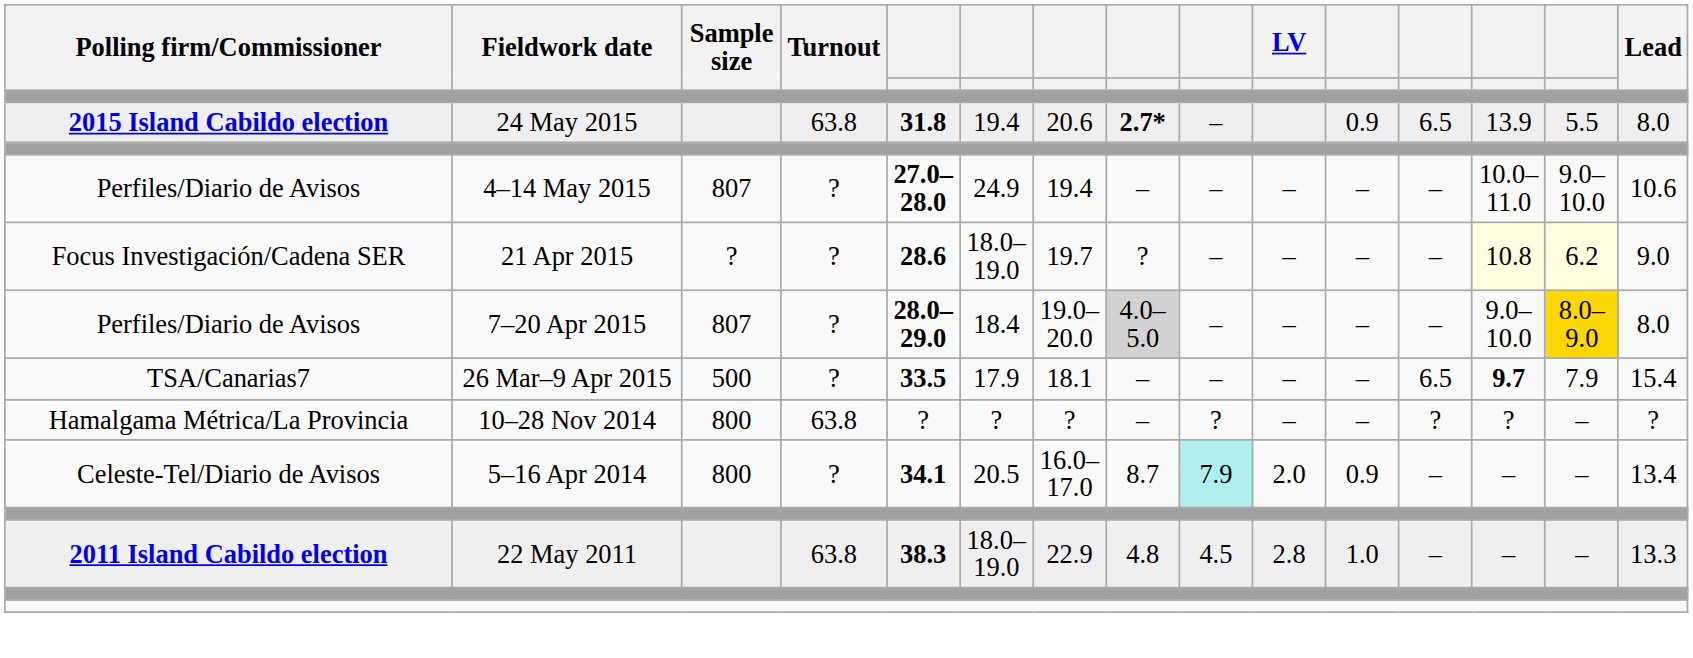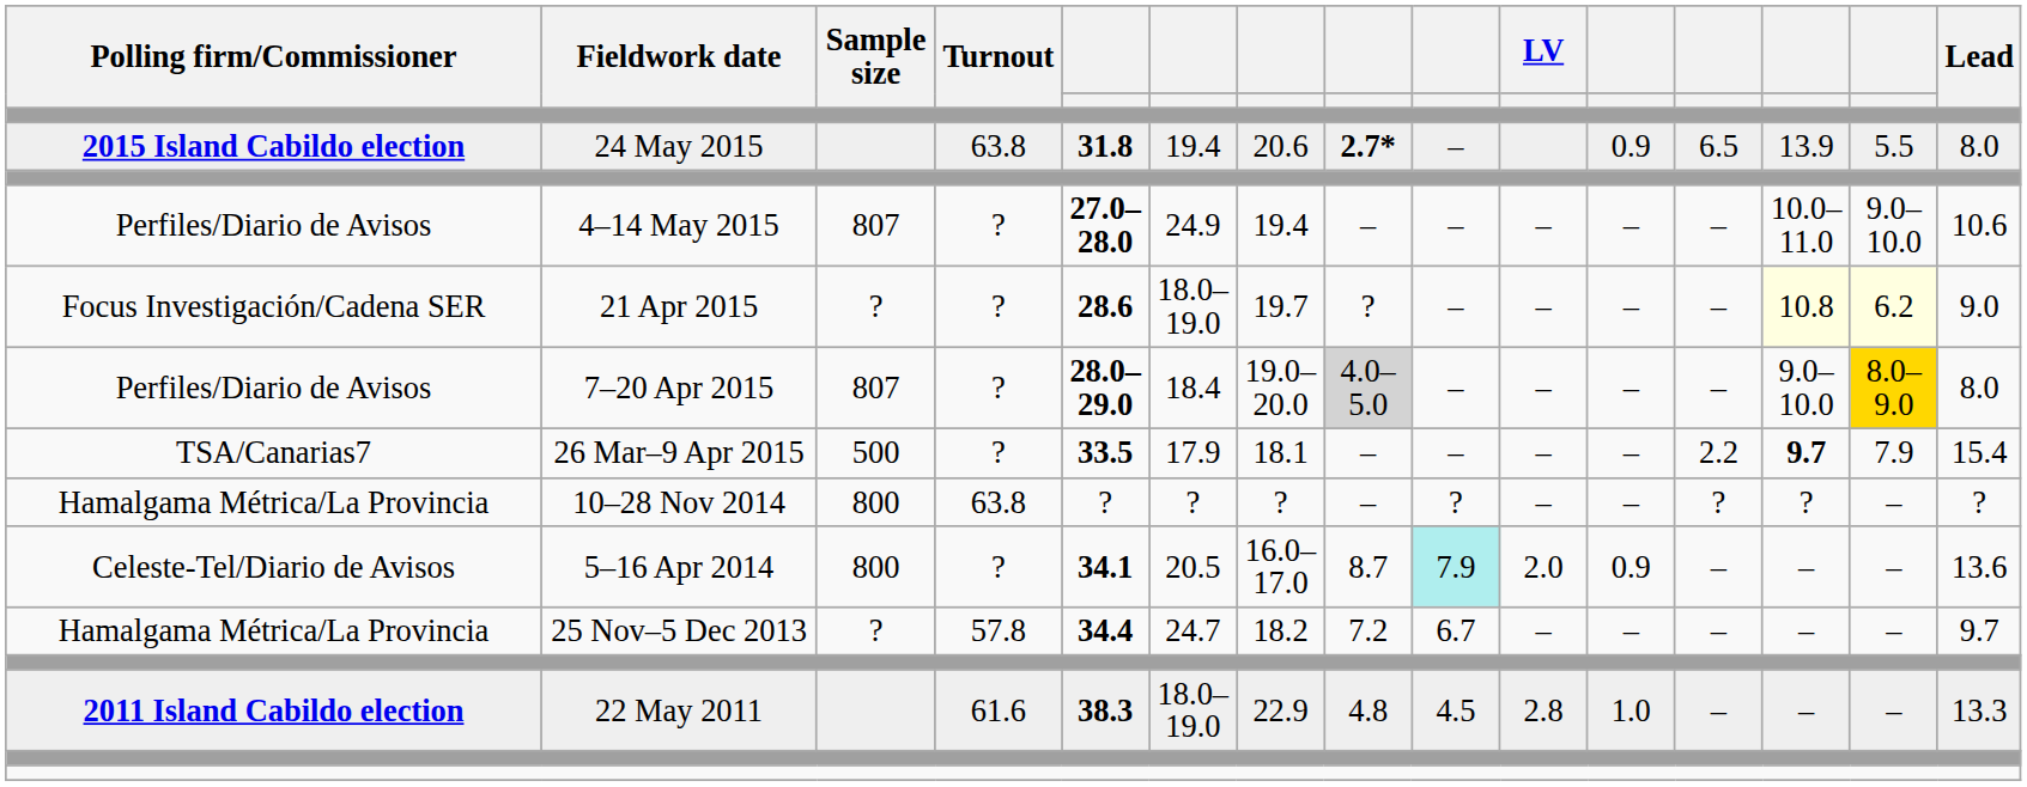 <table class="wikitable collapsible collapsed" style="text-align:center; font-size:95%; line-height:16px;">
 <tr style="height:42px;">
 <th style="width:250px;" rowspan="2">Polling firm/Commissioner</th>
 <th style="width:125px;" rowspan="2">Fieldwork date</th>
 <th style="width:50px;" rowspan="2">Sample size</th>
 <th style="width:45px;" rowspan="2">Turnout</th>
 <th style="width:35px;"></th>
 <th style="width:35px;"></th>
 <th style="width:35px;"></th>
 <th style="width:35px;"></th>
 <th style="width:35px;"></th>
 <th style="width:35px;"><a href='#'>LV</a></th>
 <th style="width:35px;"></th>
 <th style="width:35px;"></th>
 <th style="width:35px;"></th>
 <th style="width:35px;"></th>
 <th style="width:30px;" rowspan="2">Lead</th>
 </tr>
 <tr>
 <th style="color:inherit;background:"></th>
 <th style="color:inherit;background:"></th>
 <th style="color:inherit;background:"></th>
 <th style="color:inherit;background:"></th>
 <th style="color:inherit;background:"></th>
 <th style="color:inherit;background:"></th>
 <th style="color:inherit;background:"></th>
 <th style="color:inherit;background:"></th>
 <th style="color:inherit;background:"></th>
 <th style="color:inherit;background:"></th>
 </tr>
 <tr>
 <td colspan="15" style="background:#A0A0A0"></td>
 </tr>
 <tr style="background:#EFEFEF;">
 <td><strong><a href='#'>2015 Island Cabildo election</a></strong></td>
 <td>24 May 2015</td>
 <td></td>
 <td>63.8</td>
 <td><strong>31.8</strong><br></td>
 <td>19.4<br></td>
 <td>20.6<br></td>
 <td><strong>2.7*<br></strong></td>
 <td>–</td>
 <td></td>
 <td>0.9<br></td>
 <td>6.5<br></td>
 <td>13.9<br></td>
 <td>5.5<br></td>
 <td style="background:">8.0</td>
 </tr>
 <tr>
 <td colspan="15" style="background:#A0A0A0"></td>
 </tr>
 <tr>
 <td>Perfiles/Diario de Avisos</td>
 <td>4–14 May 2015</td>
 <td>807</td>
 <td>?</td>
 <td><strong>27.0–<br>28.0</strong><br></td>
 <td>24.9<br></td>
 <td>19.4<br></td>
 <td>–</td>
 <td>–</td>
 <td>–</td>
 <td>–</td>
 <td>–</td>
 <td>10.0–<br>11.0<br></td>
 <td>9.0–<br>10.0<br></td>
 <td style="background:">10.6</td>
 </tr>
 <tr>
 <td>Focus Investigación/Cadena SER</td>
 <td>21 Apr 2015</td>
 <td>?</td>
 <td>?</td>
 <td><strong>28.6</strong><br></td>
 <td>18.0–<br>19.0<br></td>
 <td>19.7<br></td>
 <td>?<br></td>
 <td>–</td>
 <td>–</td>
 <td>–</td>
 <td>–</td>
 <td style="background: lightyellow;">10.8<br></td>
 <td style="background: lightyellow;">6.2<br></td>
 <td style="background:">9.0</td>
 </tr>
 <tr>
 <td>Perfiles/Diario de Avisos</td>
 <td>7–20 Apr 2015</td>
 <td>807</td>
 <td>?</td>
 <td><strong>28.0–<br>29.0</strong><br></td>
 <td>18.4<br></td>
 <td>19.0–<br>20.0<br></td>
 <td style="background: lightgrey;">4.0–<br>5.0<br></td>
 <td>–</td>
 <td>–</td>
 <td>–</td>
 <td>–</td>
 <td>9.0–<br>10.0<br></td>
 <td style="background: gold;">8.0–<br>9.0<br></td>
 <td style="background:">8.0</td>
 </tr>
 <tr>
 <td>TSA/Canarias7</td>
 <td>26 Mar–9 Apr 2015</td>
 <td>500</td>
 <td>?</td>
 <td><strong>33.5</strong><br></td>
 <td>17.9<br></td>
 <td>18.1<br></td>
 <td>–</td>
 <td>–</td>
 <td>–</td>
 <td>–</td>
-<td>6.5<br></td>
+<td>2.2<br></td>
 <td><strong>9.7<br></strong></td>
 <td>7.9<br></td>
 <td style="background:">15.4</td>
 </tr>
 <tr>
 <td>Hamalgama Métrica/La Provincia</td>
 <td>10–28 Nov 2014</td>
 <td>800</td>
 <td>63.8</td>
 <td>?<br></td>
 <td>?<br></td>
 <td>?<br></td>
 <td>–</td>
 <td>?<br></td>
 <td>–</td>
 <td>–</td>
 <td>?<br></td>
 <td>?<br></td>
 <td>–</td>
 <td style="background:">?</td>
 </tr>
 <tr>
 <td>Celeste-Tel/Diario de Avisos</td>
 <td>5–16 Apr 2014</td>
 <td>800</td>
 <td>?</td>
 <td><strong>34.1</strong><br></td>
 <td>20.5<br></td>
 <td>16.0–<br>17.0<br></td>
 <td>8.7<br></td>
 <td style="background: paleturquoise;">7.9<br></td>
 <td>2.0<br></td>
 <td>0.9<br></td>
 <td>–</td>
 <td>–</td>
 <td>–</td>
-<td style="background:">13.4</td>
+<td style="background:">13.6</td>
+</tr>
+<tr>
+<td>Hamalgama Métrica/La Provincia</td>
+<td>25 Nov–5 Dec 2013</td>
+<td>?</td>
+<td>57.8</td>
+<td><strong>34.4</strong><br></td>
+<td>24.7<br></td>
+<td>18.2<br></td>
+<td>7.2<br></td>
+<td>6.7<br></td>
+<td>–</td>
+<td>–</td>
+<td>–</td>
+<td>–</td>
+<td>–</td>
+<td style="background:">9.7</td>
 </tr>
 <tr>
 <td colspan="15" style="background:#A0A0A0"></td>
 </tr>
 <tr style="background:#EFEFEF;">
 <td><strong><a href='#'>2011 Island Cabildo election</a></strong></td>
 <td>22 May 2011</td>
 <td></td>
-<td>63.8</td>
+<td>61.6</td>
 <td><strong>38.3</strong><br></td>
 <td>18.0–<br>19.0<br></td>
 <td>22.9<br></td>
 <td>4.8<br></td>
 <td>4.5<br></td>
 <td>2.8<br></td>
 <td>1.0<br></td>
 <td>–</td>
 <td>–</td>
 <td>–</td>
 <td style="background:">13.3</td>
 </tr>
 <tr>
 <td colspan="15" style="background:#A0A0A0"></td>
 </tr>
 <tr>
 <td align="left" colspan="15"></td>
 </tr>
 </table>
